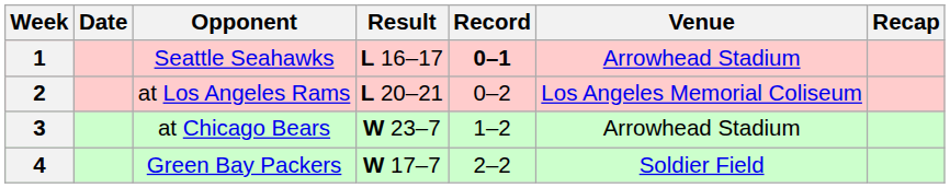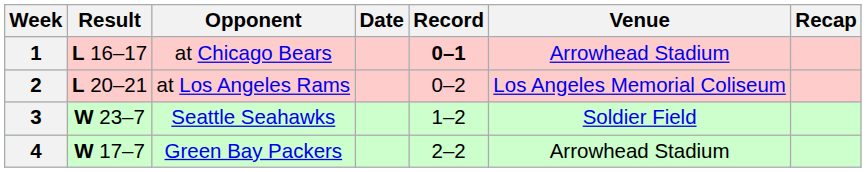 <table class="wikitable" style="text-align:center">
 <tr>
 <th>Week</th>
+<th>Result</th>
+<th>Opponent</th>
 <th>Date</th>
-<th>Opponent</th>
-<th>Result</th>
 <th>Record</th>
 <th>Venue</th>
 <th>Recap</th>
 </tr>
 <tr style="background:#fcc">
 <th>1</th>
+<td><strong>L</strong> 16–17</td>
+<td>at <a href='#'>Chicago Bears</a></td>
 <td></td>
-<td><a href='#'>Seattle Seahawks</a></td>
-<td><strong>L</strong> 16–17</td>
 <td><strong>0–1</strong></td>
 <td><a href='#'>Arrowhead Stadium</a></td>
 <td></td>
 </tr>
 <tr style="background:#fcc">
 <th>2</th>
+<td><strong>L</strong> 20–21</td>
+<td>at <a href='#'>Los Angeles Rams</a></td>
 <td></td>
-<td>at <a href='#'>Los Angeles Rams</a></td>
-<td><strong>L</strong> 20–21</td>
 <td>0–2</td>
 <td><a href='#'>Los Angeles Memorial Coliseum</a></td>
 <td></td>
 </tr>
 <tr style="background:#cfc">
 <th>3</th>
+<td><strong>W</strong> 23–7</td>
+<td><a href='#'>Seattle Seahawks</a></td>
 <td></td>
-<td>at <a href='#'>Chicago Bears</a></td>
-<td><strong>W</strong> 23–7</td>
 <td>1–2</td>
-<td>Arrowhead Stadium</td>
+<td><a href='#'>Soldier Field</a></td>
 <td></td>
 </tr>
 <tr style="background:#cfc">
 <th>4</th>
+<td><strong>W</strong> 17–7</td>
+<td><a href='#'>Green Bay Packers</a></td>
 <td></td>
-<td><a href='#'>Green Bay Packers</a></td>
-<td><strong>W</strong> 17–7</td>
 <td>2–2</td>
-<td><a href='#'>Soldier Field</a></td>
+<td>Arrowhead Stadium</td>
 <td></td>
 </tr>
 </table>
